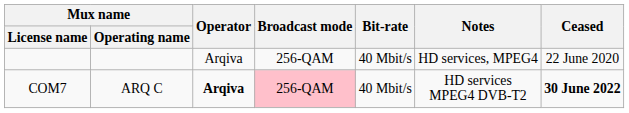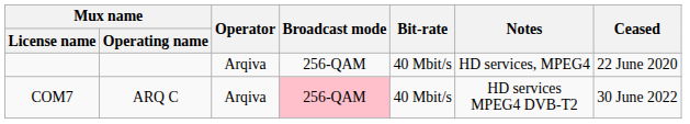 <table class="wikitable" style="text-align: center;">
 <tr>
 <th colspan="2">Mux name</th>
 <th rowspan="2">Operator</th>
 <th rowspan="2">Broadcast mode</th>
 <th rowspan="2">Bit-rate</th>
 <th rowspan=2>Notes</th>
 <th rowspan="2">Ceased</th>
 </tr>
 <tr>
 <th>License name</th>
 <th>Operating name</th>
 </tr>
 <tr>
 <td></td>
 <td></td>
 <td>Arqiva</td>
 <td>256-QAM</td>
 <td>40 Mbit/s</td>
 <td>HD services, MPEG4</td>
 <td>22 June 2020</td>
 </tr>
 <tr>
 <td>COM7</td>
 <td>ARQ C</td>
-<td><strong>Arqiva</strong></td>
+<td>Arqiva</td>
 <td style="background: pink;">256-QAM</td>
 <td>40 Mbit/s</td>
 <td>HD services<br>MPEG4 DVB-T2</td>
-<td><strong>30 June 2022</strong></td>
+<td>30 June 2022</td>
 </tr>
 </table>
